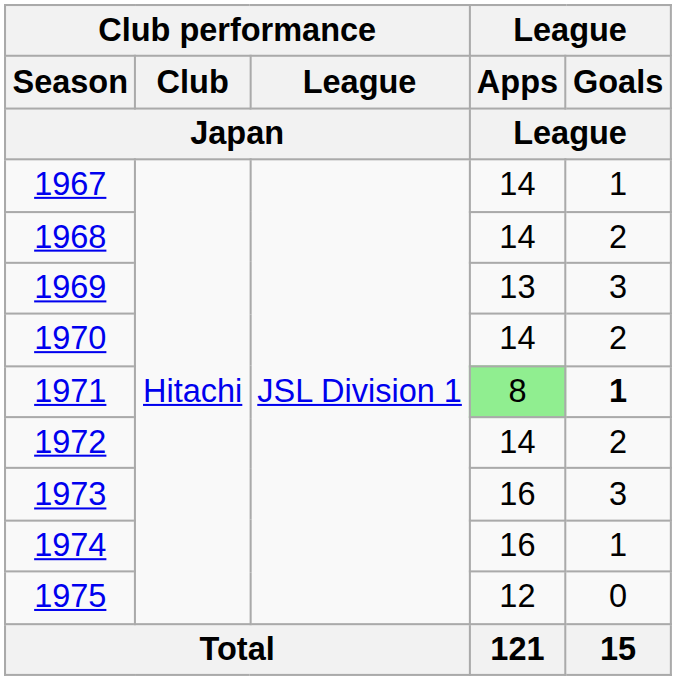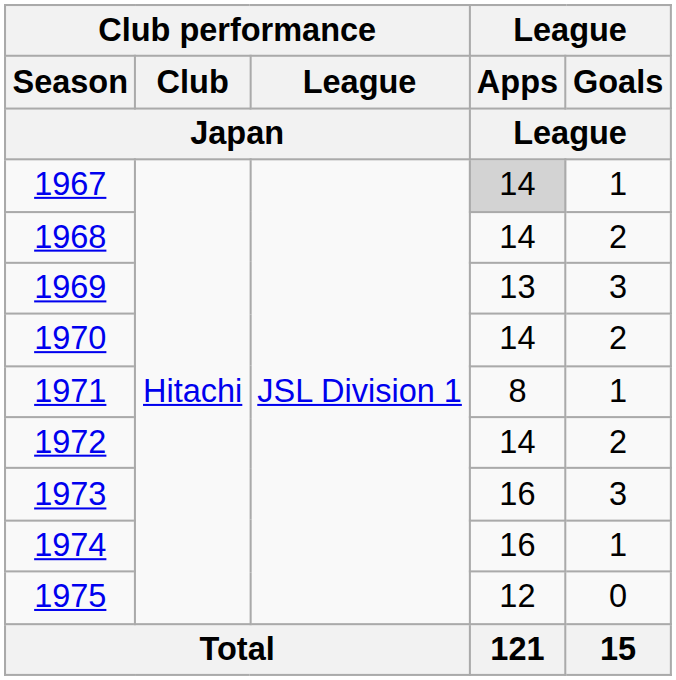 <table class="wikitable" style="text-align:center;">
 <tr>
 <th colspan=3>Club performance</th>
 <th colspan=2>League</th>
 </tr>
 <tr>
 <th>Season</th>
 <th>Club</th>
 <th>League</th>
 <th>Apps</th>
 <th>Goals</th>
 </tr>
 <tr>
 <th colspan=3>Japan</th>
 <th colspan=2>League</th>
 </tr>
 <tr>
 <td><a href='#'>1967</a></td>
 <td rowspan=9><a href='#'>Hitachi</a></td>
 <td rowspan=9><a href='#'>JSL Division 1</a></td>
-<td>14</td>
+<td style="background: lightgrey;">14</td>
 <td>1</td>
 </tr>
 <tr>
 <td><a href='#'>1968</a></td>
 <td>14</td>
 <td>2</td>
 </tr>
 <tr>
 <td><a href='#'>1969</a></td>
 <td>13</td>
 <td>3</td>
 </tr>
 <tr>
 <td><a href='#'>1970</a></td>
 <td>14</td>
 <td>2</td>
 </tr>
 <tr>
 <td><a href='#'>1971</a></td>
-<td style="background: lightgreen;">8</td>
-<td><strong>1</strong></td>
+<td>8</td>
+<td>1</td>
 </tr>
 <tr>
 <td><a href='#'>1972</a></td>
 <td>14</td>
 <td>2</td>
 </tr>
 <tr>
 <td><a href='#'>1973</a></td>
 <td>16</td>
 <td>3</td>
 </tr>
 <tr>
 <td><a href='#'>1974</a></td>
 <td>16</td>
 <td>1</td>
 </tr>
 <tr>
 <td><a href='#'>1975</a></td>
 <td>12</td>
 <td>0</td>
 </tr>
 <tr>
 <th colspan=3>Total</th>
 <th>121</th>
 <th>15</th>
 </tr>
 </table>
